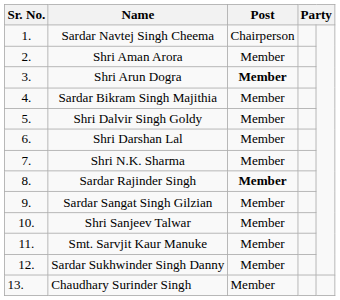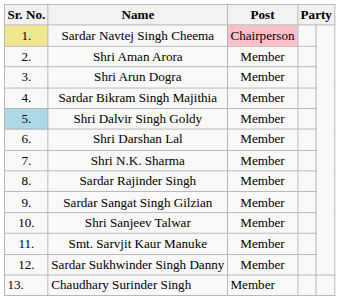 <table class="wikitable sortable">
 <tr>
 <th>Sr. No.</th>
 <th>Name</th>
 <th>Post</th>
 <th colspan="2">Party</th>
 </tr>
 <tr align="center">
-<td>1.</td>
+<td style="background: khaki;">1.</td>
 <td>Sardar Navtej Singh Cheema</td>
-<td>Chairperson</td>
+<td style="background: pink;">Chairperson</td>
 <td></td>
 </tr>
 <tr align="center">
 <td>2.</td>
 <td>Shri Aman Arora</td>
 <td>Member</td>
 <td></td>
 </tr>
 <tr align="center">
 <td>3.</td>
 <td>Shri Arun Dogra</td>
-<td><strong>Member</strong></td>
+<td>Member</td>
 <td></td>
 </tr>
 <tr align="center">
 <td>4.</td>
 <td>Sardar Bikram Singh Majithia</td>
 <td>Member</td>
 <td></td>
 </tr>
 <tr align="center">
-<td>5.</td>
+<td style="background: lightblue;">5.</td>
 <td>Shri Dalvir Singh Goldy</td>
 <td>Member</td>
 <td></td>
 </tr>
 <tr align="center">
 <td>6.</td>
 <td>Shri Darshan Lal</td>
 <td>Member</td>
 <td></td>
 </tr>
 <tr align="center">
 <td>7.</td>
 <td>Shri N.K. Sharma</td>
 <td>Member</td>
 <td></td>
 </tr>
 <tr align="center">
 <td>8.</td>
 <td>Sardar Rajinder Singh</td>
-<td><strong>Member</strong></td>
+<td>Member</td>
 <td></td>
 </tr>
 <tr align="center">
 <td>9.</td>
 <td>Sardar Sangat Singh Gilzian</td>
 <td>Member</td>
 <td></td>
 </tr>
 <tr align="center">
 <td>10.</td>
 <td>Shri Sanjeev Talwar</td>
 <td>Member</td>
 <td></td>
 </tr>
 <tr align="center">
 <td>11.</td>
 <td>Smt. Sarvjit Kaur Manuke</td>
 <td>Member</td>
 <td></td>
 </tr>
 <tr align="center">
 <td>12.</td>
 <td>Sardar Sukhwinder Singh Danny</td>
 <td>Member</td>
 <td></td>
 </tr>
 <tr>
 <td>13.</td>
 <td>Chaudhary Surinder Singh</td>
 <td>Member</td>
 <td></td>
 <td></td>
 </tr>
 </table>
